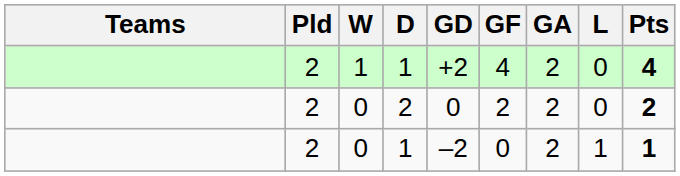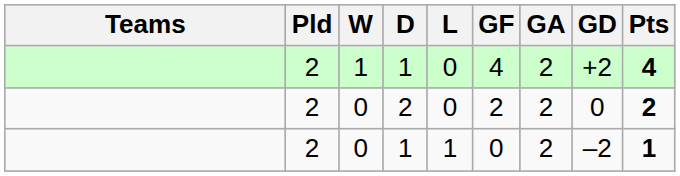 <table class="wikitable" style="text-align: center;">
 <tr>
 <th width=165>Teams</th>
 <th width=20>Pld</th>
 <th width=20>W</th>
 <th width=20>D</th>
-<th width=20>GD</th>
+<th width=20>L</th>
 <th width=20>GF</th>
 <th width=20>GA</th>
-<th width=20>L</th>
+<th width=20>GD</th>
 <th width=20>Pts</th>
 </tr>
 <tr align=center style="background:#ccffcc;">
 <td style="text-align:left;"></td>
 <td>2</td>
 <td>1</td>
 <td>1</td>
-<td>+2</td>
+<td>0</td>
 <td>4</td>
 <td>2</td>
-<td>0</td>
+<td>+2</td>
 <td><strong>4</strong></td>
 </tr>
 <tr align=center>
 <td style="text-align:left;"></td>
 <td>2</td>
 <td>0</td>
 <td>2</td>
 <td>0</td>
 <td>2</td>
 <td>2</td>
 <td>0</td>
 <td><strong>2</strong></td>
 </tr>
 <tr align=center>
 <td style="text-align:left;"></td>
 <td>2</td>
 <td>0</td>
 <td>1</td>
-<td>–2</td>
+<td>1</td>
 <td>0</td>
 <td>2</td>
-<td>1</td>
+<td>–2</td>
 <td><strong>1</strong></td>
 </tr>
 </table>
